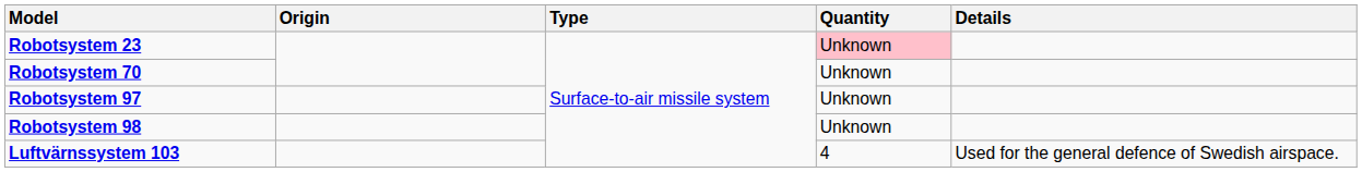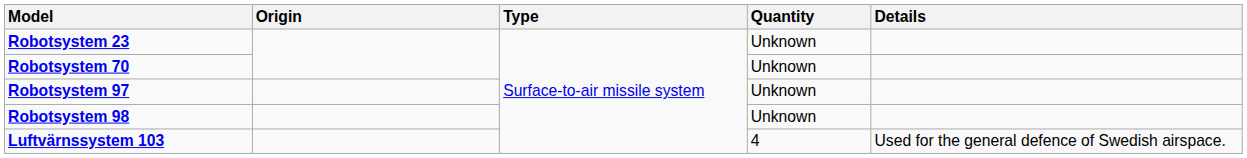 <table class="wikitable" style="width:100%;">
 <tr>
 <th style="text-align:left;width:20%;">Model</th>
 <th style="text-align:left;width:20%;">Origin</th>
 <th style="text-align:left;width:20%;">Type</th>
 <th style="text-align:left;width:10%;">Quantity</th>
 <th style="text-align:left;width:30%;">Details</th>
 </tr>
 <tr>
 <td><strong><a href='#'>Robot­system 23</a></strong></td>
 <td rowspan="2"></td>
 <td rowspan="5"><a href='#'>Surface-to-air missile system</a></td>
-<td style="background: pink;">Unknown</td>
+<td>Unknown</td>
 <td></td>
 </tr>
 <tr>
 <td><strong><a href='#'>Robot­system 70</a></strong></td>
 <td>Unknown</td>
 <td></td>
 </tr>
 <tr>
 <td><strong><a href='#'>Robot­system 97</a></strong></td>
 <td></td>
 <td>Unknown</td>
 <td></td>
 </tr>
 <tr>
 <td><strong><a href='#'>Robot­system 98</a></strong></td>
 <td></td>
 <td>Unknown</td>
 <td></td>
 </tr>
 <tr>
 <td><a href='#'><strong>Luft­värns­system 103</strong></a></td>
 <td></td>
 <td>4</td>
 <td>Used for the general defence of Swedish airspace.</td>
 </tr>
 </table>
